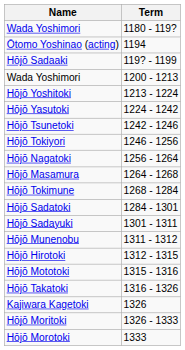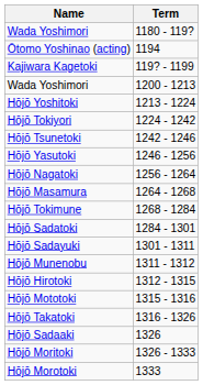 <table class="wikitable">
 <tr>
 <th>Name</th>
 <th>Term</th>
 </tr>
 <tr>
 <td><a href='#'>Wada Yoshimori</a></td>
 <td>1180 - 119?</td>
 </tr>
 <tr>
 <td><a href='#'>Ōtomo Yoshinao</a> (<a href='#'>acting</a>)</td>
 <td>1194</td>
 </tr>
 <tr>
-<td><a href='#'>Hōjō Sadaaki</a></td>
+<td><a href='#'>Kajiwara Kagetoki</a></td>
 <td>119? - 1199</td>
 </tr>
 <tr>
 <td>Wada Yoshimori</td>
 <td>1200 - 1213</td>
 </tr>
 <tr>
 <td><a href='#'>Hōjō Yoshitoki</a></td>
 <td>1213 - 1224</td>
 </tr>
 <tr>
-<td><a href='#'>Hōjō Yasutoki</a></td>
+<td><a href='#'>Hōjō Tokiyori</a></td>
 <td>1224 - 1242</td>
 </tr>
 <tr>
 <td><a href='#'>Hōjō Tsunetoki</a></td>
 <td>1242 - 1246</td>
 </tr>
 <tr>
-<td><a href='#'>Hōjō Tokiyori</a></td>
+<td><a href='#'>Hōjō Yasutoki</a></td>
 <td>1246 - 1256</td>
 </tr>
 <tr>
 <td><a href='#'>Hōjō Nagatoki</a></td>
 <td>1256 - 1264</td>
 </tr>
 <tr>
 <td><a href='#'>Hōjō Masamura</a></td>
 <td>1264 - 1268</td>
 </tr>
 <tr>
 <td><a href='#'>Hōjō Tokimune</a></td>
 <td>1268 - 1284</td>
 </tr>
 <tr>
 <td><a href='#'>Hōjō Sadatoki</a></td>
 <td>1284 - 1301</td>
 </tr>
 <tr>
 <td><a href='#'>Hōjō Sadayuki</a></td>
 <td>1301 - 1311</td>
 </tr>
 <tr>
 <td><a href='#'>Hōjō Munenobu</a></td>
 <td>1311 - 1312</td>
 </tr>
 <tr>
 <td><a href='#'>Hōjō Hirotoki</a></td>
 <td>1312 - 1315</td>
 </tr>
 <tr>
 <td><a href='#'>Hōjō Mototoki</a></td>
 <td>1315 - 1316</td>
 </tr>
 <tr>
 <td><a href='#'>Hōjō Takatoki</a></td>
 <td>1316 - 1326</td>
 </tr>
 <tr>
-<td><a href='#'>Kajiwara Kagetoki</a></td>
+<td><a href='#'>Hōjō Sadaaki</a></td>
 <td>1326</td>
 </tr>
 <tr>
 <td><a href='#'>Hōjō Moritoki</a></td>
 <td>1326 - 1333</td>
 </tr>
 <tr>
 <td><a href='#'>Hōjō Morotoki</a></td>
 <td>1333</td>
 </tr>
 </table>
